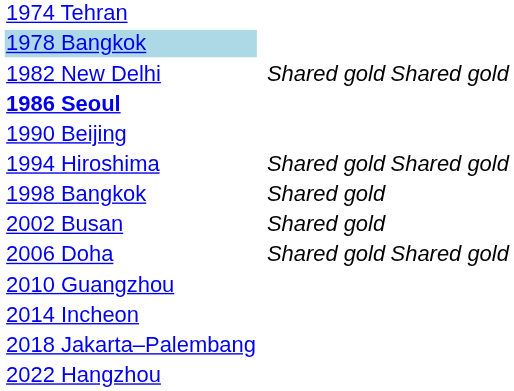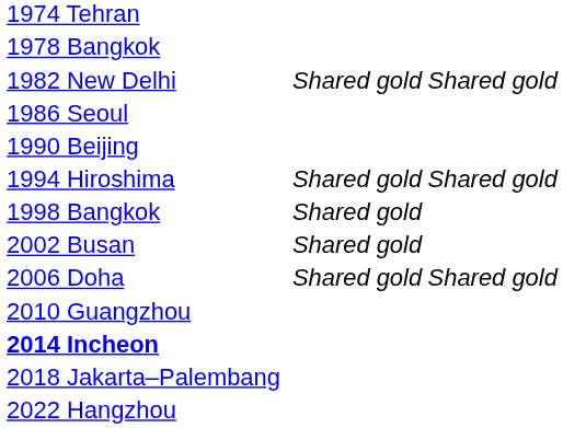 <table>
 <tr>
 <td><a href='#'>1974 Tehran</a></td>
 <td></td>
 <td></td>
 <td></td>
 </tr>
 <tr>
-<td style="background: lightblue;"><a href='#'>1978 Bangkok</a></td>
+<td><a href='#'>1978 Bangkok</a></td>
 <td></td>
 <td></td>
 <td></td>
 </tr>
 <tr>
 <td rowspan=3><a href='#'>1982 New Delhi</a></td>
 <td></td>
 <td rowspan=3><em>Shared gold</em></td>
 <td rowspan=3><em>Shared gold</em></td>
 </tr>
 <tr>
 <td></td>
 </tr>
 <tr>
 <td></td>
 </tr>
 <tr>
-<td><strong><a href='#'>1986 Seoul</a></strong></td>
+<td><a href='#'>1986 Seoul</a></td>
 <td></td>
 <td></td>
 <td></td>
 </tr>
 <tr>
 <td rowspan=2><a href='#'>1990 Beijing</a></td>
 <td rowspan=2></td>
 <td rowspan=2></td>
 <td></td>
 </tr>
 <tr>
 <td></td>
 </tr>
 <tr>
 <td rowspan=3><a href='#'>1994 Hiroshima</a></td>
 <td></td>
 <td rowspan=3><em>Shared gold</em></td>
 <td rowspan=3><em>Shared gold</em></td>
 </tr>
 <tr>
 <td></td>
 </tr>
 <tr>
 <td></td>
 </tr>
 <tr>
 <td rowspan=2><a href='#'>1998 Bangkok</a></td>
 <td></td>
 <td rowspan=2><em>Shared gold</em></td>
 <td></td>
 </tr>
 <tr>
 <td></td>
 <td></td>
 </tr>
 <tr>
 <td rowspan=2><a href='#'>2002 Busan</a></td>
 <td></td>
 <td rowspan=2><em>Shared gold</em></td>
 <td rowspan=2></td>
 </tr>
 <tr>
 <td></td>
 </tr>
 <tr>
 <td rowspan=3><a href='#'>2006 Doha</a></td>
 <td></td>
 <td rowspan=3><em>Shared gold</em></td>
 <td rowspan=3><em>Shared gold</em></td>
 </tr>
 <tr>
 <td></td>
 </tr>
 <tr>
 <td></td>
 </tr>
 <tr>
 <td><a href='#'>2010 Guangzhou</a></td>
 <td></td>
 <td></td>
 <td></td>
 </tr>
 <tr>
-<td><a href='#'>2014 Incheon</a></td>
+<td><strong><a href='#'>2014 Incheon</a></strong></td>
 <td></td>
 <td></td>
 <td></td>
 </tr>
 <tr>
 <td><a href='#'>2018 Jakarta–Palembang</a></td>
 <td></td>
 <td></td>
 <td></td>
 </tr>
 <tr>
 <td><a href='#'>2022 Hangzhou</a></td>
 <td></td>
 <td></td>
 <td></td>
 </tr>
 </table>
